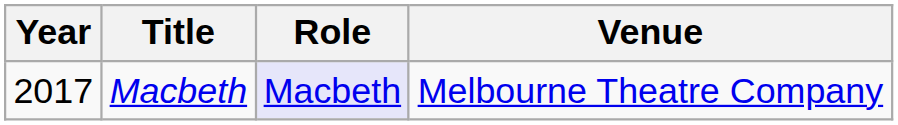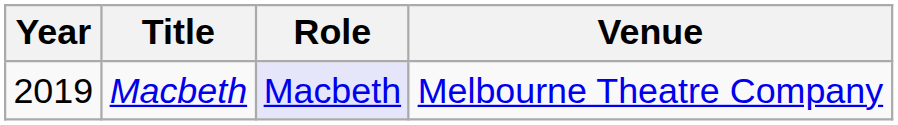 <table class="wikitable">
 <tr>
 <th>Year</th>
 <th>Title</th>
 <th>Role</th>
 <th>Venue</th>
 </tr>
 <tr>
-<td>2017</td>
+<td>2019</td>
 <td><em><a href='#'>Macbeth</a></em></td>
 <td style="background: lavender;"><a href='#'>Macbeth</a></td>
 <td><a href='#'>Melbourne Theatre Company</a></td>
 </tr>
 </table>
